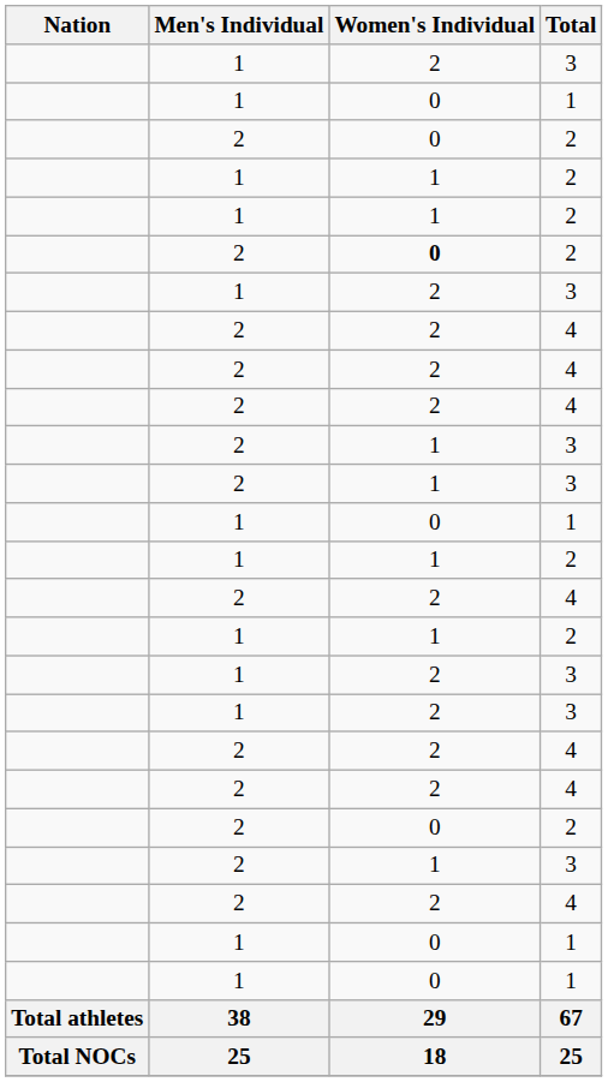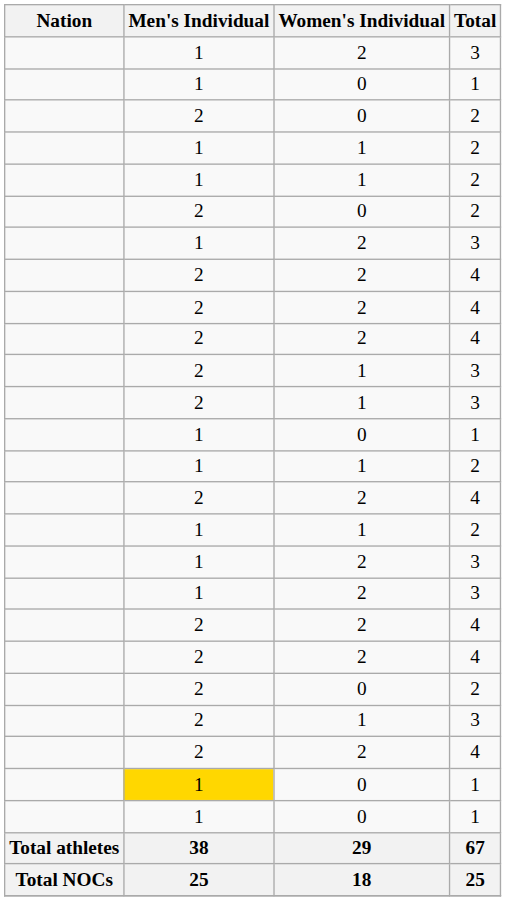 <table class="wikitable collapsible sortable" style="text-align:center; font-size:90%">
 <tr>
 <th align=left>Nation</th>
 <th>Men's Individual</th>
 <th>Women's Individual</th>
 <th>Total</th>
 </tr>
 <tr>
 <td align=left></td>
 <td>1</td>
 <td>2</td>
 <td>3</td>
 </tr>
 <tr>
 <td align=left></td>
 <td>1</td>
 <td>0</td>
 <td>1</td>
 </tr>
 <tr>
 <td align=left></td>
 <td>2</td>
 <td>0</td>
 <td>2</td>
 </tr>
 <tr>
 <td align=left></td>
 <td>1</td>
 <td>1</td>
 <td>2</td>
 </tr>
 <tr>
 <td align=left></td>
 <td>1</td>
 <td>1</td>
 <td>2</td>
 </tr>
 <tr>
 <td align=left></td>
 <td>2</td>
-<td><strong>0</strong></td>
+<td>0</td>
 <td>2</td>
 </tr>
 <tr>
 <td align=left></td>
 <td>1</td>
 <td>2</td>
 <td>3</td>
 </tr>
 <tr>
 <td align=left></td>
 <td>2</td>
 <td>2</td>
 <td>4</td>
 </tr>
 <tr>
 <td align=left></td>
 <td>2</td>
 <td>2</td>
 <td>4</td>
 </tr>
 <tr>
 <td align=left></td>
 <td>2</td>
 <td>2</td>
 <td>4</td>
 </tr>
 <tr>
 <td align=left></td>
 <td>2</td>
 <td>1</td>
 <td>3</td>
 </tr>
 <tr>
 <td align=left></td>
 <td>2</td>
 <td>1</td>
 <td>3</td>
 </tr>
 <tr>
 <td align=left></td>
 <td>1</td>
 <td>0</td>
 <td>1</td>
 </tr>
 <tr>
 <td align=left></td>
 <td>1</td>
 <td>1</td>
 <td>2</td>
 </tr>
 <tr>
 <td align=left></td>
 <td>2</td>
 <td>2</td>
 <td>4</td>
 </tr>
 <tr>
 <td align=left></td>
 <td>1</td>
 <td>1</td>
 <td>2</td>
 </tr>
 <tr>
 <td align=left></td>
 <td>1</td>
 <td>2</td>
 <td>3</td>
 </tr>
 <tr>
 <td align=left></td>
 <td>1</td>
 <td>2</td>
 <td>3</td>
 </tr>
 <tr>
 <td align=left></td>
 <td>2</td>
 <td>2</td>
 <td>4</td>
 </tr>
 <tr>
 <td align=left></td>
 <td>2</td>
 <td>2</td>
 <td>4</td>
 </tr>
 <tr>
 <td align=left></td>
 <td>2</td>
 <td>0</td>
 <td>2</td>
 </tr>
 <tr>
 <td align=left></td>
 <td>2</td>
 <td>1</td>
 <td>3</td>
 </tr>
 <tr>
 <td align=left></td>
 <td>2</td>
 <td>2</td>
 <td>4</td>
 </tr>
 <tr>
 <td align=left></td>
-<td>1</td>
+<td style="background: gold;">1</td>
 <td>0</td>
 <td>1</td>
 </tr>
 <tr>
 <td align=left></td>
 <td>1</td>
 <td>0</td>
 <td>1</td>
 </tr>
 <tr class="sortbottom">
 <th>Total athletes</th>
 <th>38</th>
 <th>29</th>
 <th>67</th>
 </tr>
 <tr class="sortbottom">
 <th>Total  NOCs</th>
 <th>25</th>
 <th>18</th>
 <th>25</th>
 </tr>
 <tr>
 </tr>
 </table>
